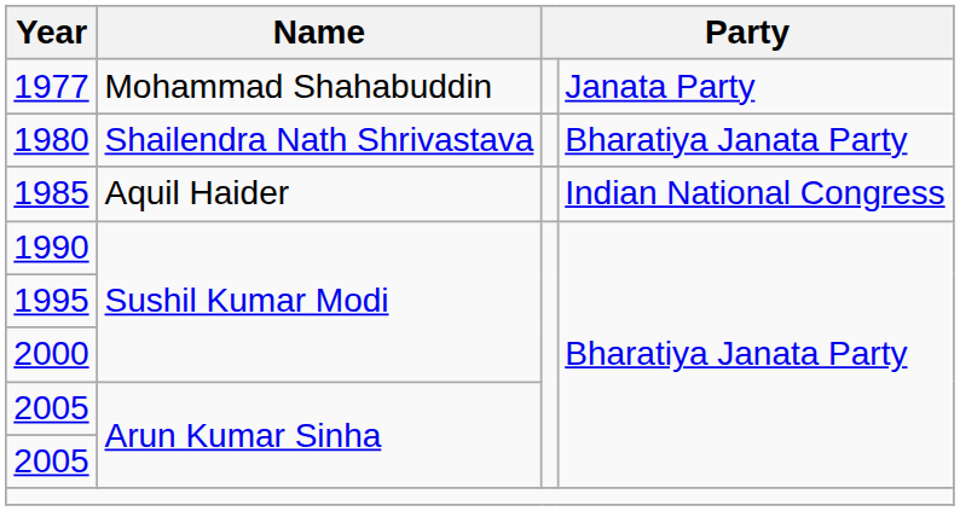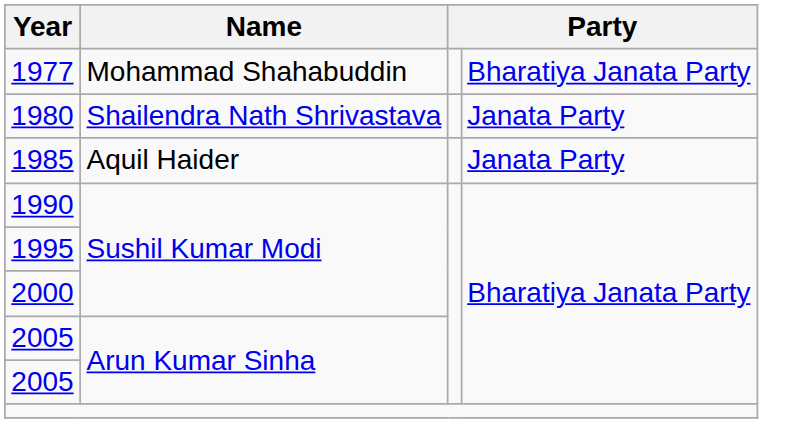 <table class="wikitable">
 <tr>
 <th>Year</th>
 <th>Name</th>
 <th colspan="2">Party</th>
 </tr>
 <tr>
 <td><a href='#'>1977</a></td>
 <td>Mohammad Shahabuddin</td>
 <td style="background-color: "></td>
-<td><a href='#'>Janata Party</a></td>
+<td><a href='#'>Bharatiya Janata Party</a></td>
 </tr>
 <tr>
 <td><a href='#'>1980</a></td>
 <td><a href='#'>Shailendra Nath Shrivastava</a></td>
 <td style="background-color: "></td>
-<td><a href='#'>Bharatiya Janata Party</a></td>
+<td><a href='#'>Janata Party</a></td>
 </tr>
 <tr>
 <td><a href='#'>1985</a></td>
 <td>Aquil Haider</td>
 <td style="background-color: "></td>
-<td><a href='#'>Indian National Congress</a></td>
+<td><a href='#'>Janata Party</a></td>
 </tr>
 <tr>
 <td><a href='#'>1990</a></td>
 <td rowspan="3"><a href='#'>Sushil Kumar Modi</a></td>
 <td rowspan="5" style="background-color: "></td>
 <td rowspan="5"><a href='#'>Bharatiya Janata Party</a></td>
 </tr>
 <tr>
 <td><a href='#'>1995</a></td>
 </tr>
 <tr>
 <td><a href='#'>2000</a></td>
 </tr>
 <tr>
 <td><a href='#'>2005</a></td>
 <td rowspan="2"><a href='#'>Arun Kumar Sinha</a></td>
 </tr>
 <tr>
 <td><a href='#'>2005</a></td>
 </tr>
 <tr>
 <td colspan="4"></td>
 </tr>
 </table>
